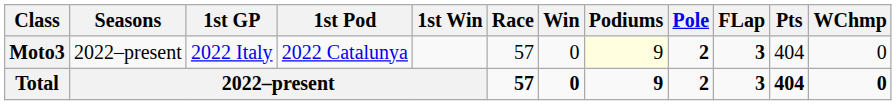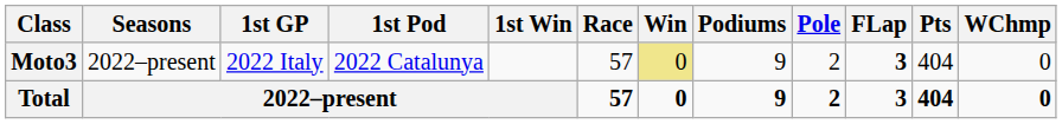 <table class="wikitable" style="text-align:right;">
 <tr>
 <th>Class</th>
 <th>Seasons</th>
 <th>1st GP</th>
 <th>1st Pod</th>
 <th>1st Win</th>
 <th>Race</th>
 <th>Win</th>
 <th>Podiums</th>
 <th><a href='#'>Pole</a></th>
 <th>FLap</th>
 <th>Pts</th>
 <th>WChmp</th>
 </tr>
 <tr>
 <th>Moto3</th>
 <td>2022–present</td>
 <td style="text-align:left;"><a href='#'>2022 Italy</a></td>
 <td style="text-align:left;"><a href='#'>2022 Catalunya</a></td>
 <td style="text-align:left;"></td>
 <td>57</td>
-<td>0</td>
-<td style="background: lightyellow;">9</td>
-<td><strong>2</strong></td>
+<td style="background: khaki;">0</td>
+<td>9</td>
+<td>2</td>
 <td><strong>3</strong></td>
 <td>404</td>
 <td>0</td>
 </tr>
 <tr>
 <th>Total</th>
 <th colspan="4">2022–present</th>
 <td><strong>57</strong></td>
 <td><strong>0</strong></td>
 <td><strong>9</strong></td>
 <td><strong>2</strong></td>
 <td><strong>3</strong></td>
 <td><strong>404</strong></td>
 <td><strong>0</strong></td>
 </tr>
 </table>
